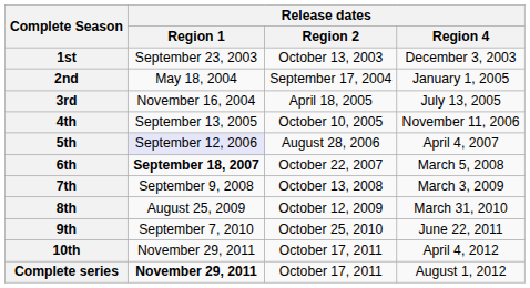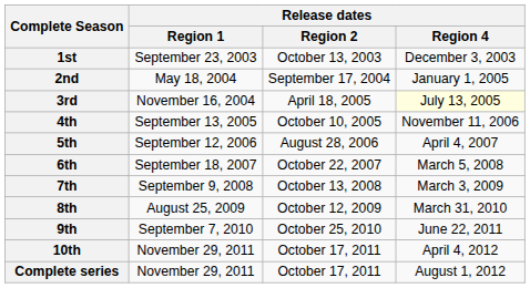 <table class="wikitable" style="width:99%;">
 <tr>
 <th rowspan="2">Complete Season</th>
 <th colspan="3">Release dates</th>
 </tr>
 <tr>
 <th>Region 1</th>
 <th>Region 2</th>
 <th>Region 4</th>
 </tr>
 <tr>
 <th>1st</th>
 <td style="text-align:center">September 23, 2003</td>
 <td style="text-align:center">October 13, 2003</td>
 <td style="text-align:center">December 3, 2003</td>
 </tr>
 <tr>
 <th>2nd</th>
 <td style="text-align:center">May 18, 2004</td>
 <td style="text-align:center">September 17, 2004</td>
 <td style="text-align:center">January 1, 2005</td>
 </tr>
 <tr>
 <th>3rd</th>
 <td style="text-align:center">November 16, 2004</td>
 <td style="text-align:center">April 18, 2005</td>
-<td style="text-align:center">July 13, 2005</td>
+<td style="background: lightyellow; text-align:center">July 13, 2005</td>
 </tr>
 <tr>
 <th>4th</th>
 <td style="text-align:center">September 13, 2005</td>
 <td style="text-align:center">October 10, 2005</td>
 <td style="text-align:center">November 11, 2006</td>
 </tr>
 <tr>
 <th>5th</th>
-<td style="background: lavender; text-align:center">September 12, 2006</td>
+<td style="text-align:center">September 12, 2006</td>
 <td style="text-align:center">August 28, 2006</td>
 <td style="text-align:center">April 4, 2007</td>
 </tr>
 <tr>
 <th>6th</th>
-<td style="text-align:center"><strong>September 18, 2007</strong></td>
+<td style="text-align:center">September 18, 2007</td>
 <td style="text-align:center">October 22, 2007</td>
 <td style="text-align:center">March 5, 2008</td>
 </tr>
 <tr>
 <th>7th</th>
 <td style="text-align:center">September 9, 2008</td>
 <td style="text-align:center">October 13, 2008</td>
 <td style="text-align:center">March 3, 2009</td>
 </tr>
 <tr>
 <th>8th</th>
 <td style="text-align:center">August 25, 2009</td>
 <td style="text-align:center">October 12, 2009</td>
 <td style="text-align:center">March 31, 2010</td>
 </tr>
 <tr>
 <th>9th</th>
 <td style="text-align:center">September 7, 2010</td>
 <td style="text-align:center">October 25, 2010</td>
 <td style="text-align:center">June 22, 2011</td>
 </tr>
 <tr>
 <th>10th</th>
 <td style="text-align:center">November 29, 2011</td>
 <td style="text-align:center">October 17, 2011</td>
 <td style="text-align:center">April 4, 2012</td>
 </tr>
 <tr>
 <th>Complete series</th>
-<td style="text-align:center"><strong>November 29, 2011</strong></td>
+<td style="text-align:center">November 29, 2011</td>
 <td style="text-align:center">October 17, 2011</td>
 <td style="text-align:center">August 1, 2012</td>
 </tr>
 </table>
